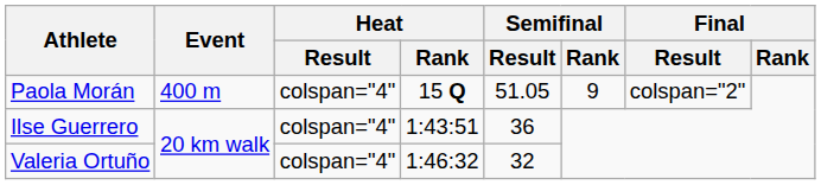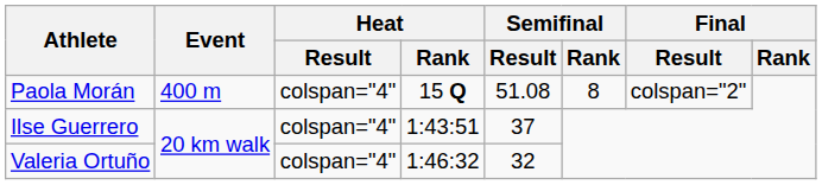 <table class="wikitable" style="font-size:90%">
 <tr>
 <th rowspan="2">Athlete</th>
 <th rowspan="2">Event</th>
 <th colspan="2">Heat</th>
 <th colspan="2">Semifinal</th>
 <th colspan="2">Final</th>
 </tr>
 <tr>
 <th>Result</th>
 <th>Rank</th>
 <th>Result</th>
 <th>Rank</th>
 <th>Result</th>
 <th>Rank</th>
 </tr>
 <tr style=text-align:center>
 <td style=text-align:left><a href='#'>Paola Morán</a></td>
 <td style=text-align:left><a href='#'>400 m</a></td>
 <td>colspan="4" </td>
 <td>15 <strong>Q</strong></td>
-<td>51.05</td>
-<td>9</td>
+<td>51.08</td>
+<td>8</td>
 <td>colspan="2" </td>
 </tr>
 <tr style=text-align:center>
 <td style=text-align:left><a href='#'>Ilse Guerrero</a></td>
 <td style=text-align:left rowspan="2"><a href='#'>20 km walk</a></td>
 <td>colspan="4" </td>
 <td>1:43:51</td>
-<td>36</td>
+<td>37</td>
 </tr>
 <tr style=text-align:center>
 <td style=text-align:left><a href='#'>Valeria Ortuño</a></td>
 <td>colspan="4" </td>
 <td>1:46:32</td>
 <td>32</td>
 </tr>
 </table>
